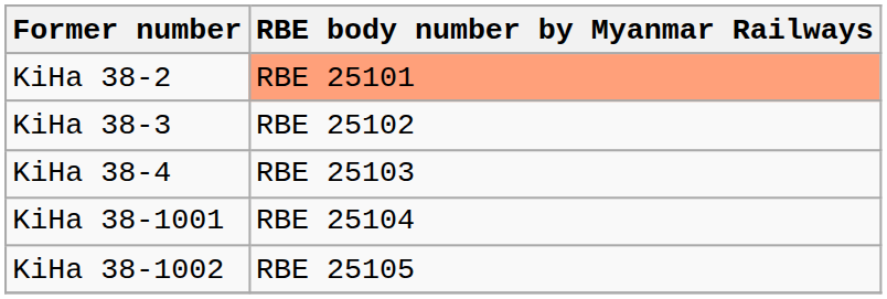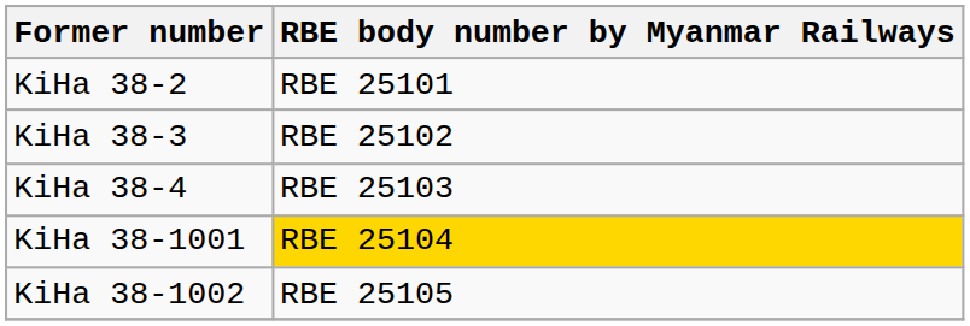 <table class="wikitable">
 <tr>
 <th>Former number</th>
 <th>RBE body number by Myanmar Railways</th>
 </tr>
 <tr>
 <td>KiHa 38-2</td>
-<td style="background: lightsalmon;">RBE 25101</td>
+<td>RBE 25101</td>
 </tr>
 <tr>
 <td>KiHa 38-3</td>
 <td>RBE 25102</td>
 </tr>
 <tr>
 <td>KiHa 38-4</td>
 <td>RBE 25103</td>
 </tr>
 <tr>
 <td>KiHa 38-1001</td>
-<td>RBE 25104</td>
+<td style="background: gold;">RBE 25104</td>
 </tr>
 <tr>
 <td>KiHa 38-1002</td>
 <td>RBE 25105</td>
 </tr>
 <tr>
 </tr>
 </table>
